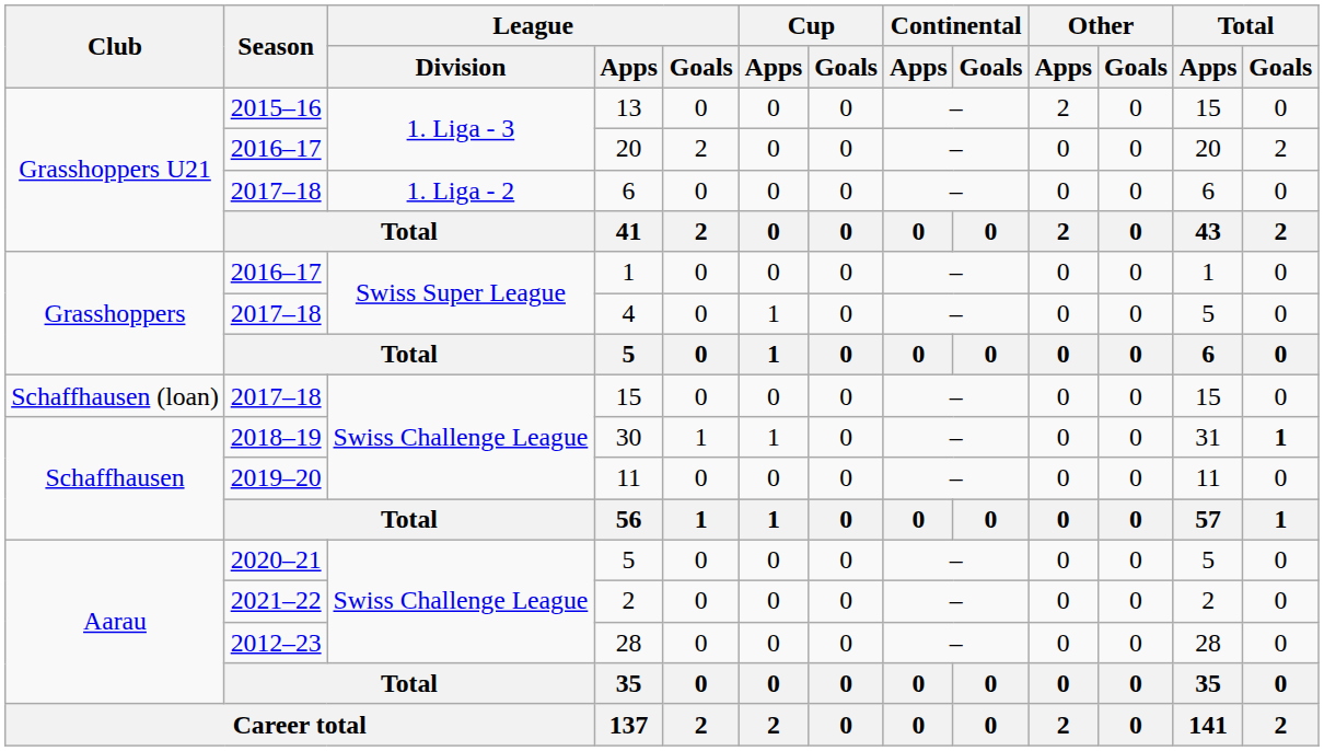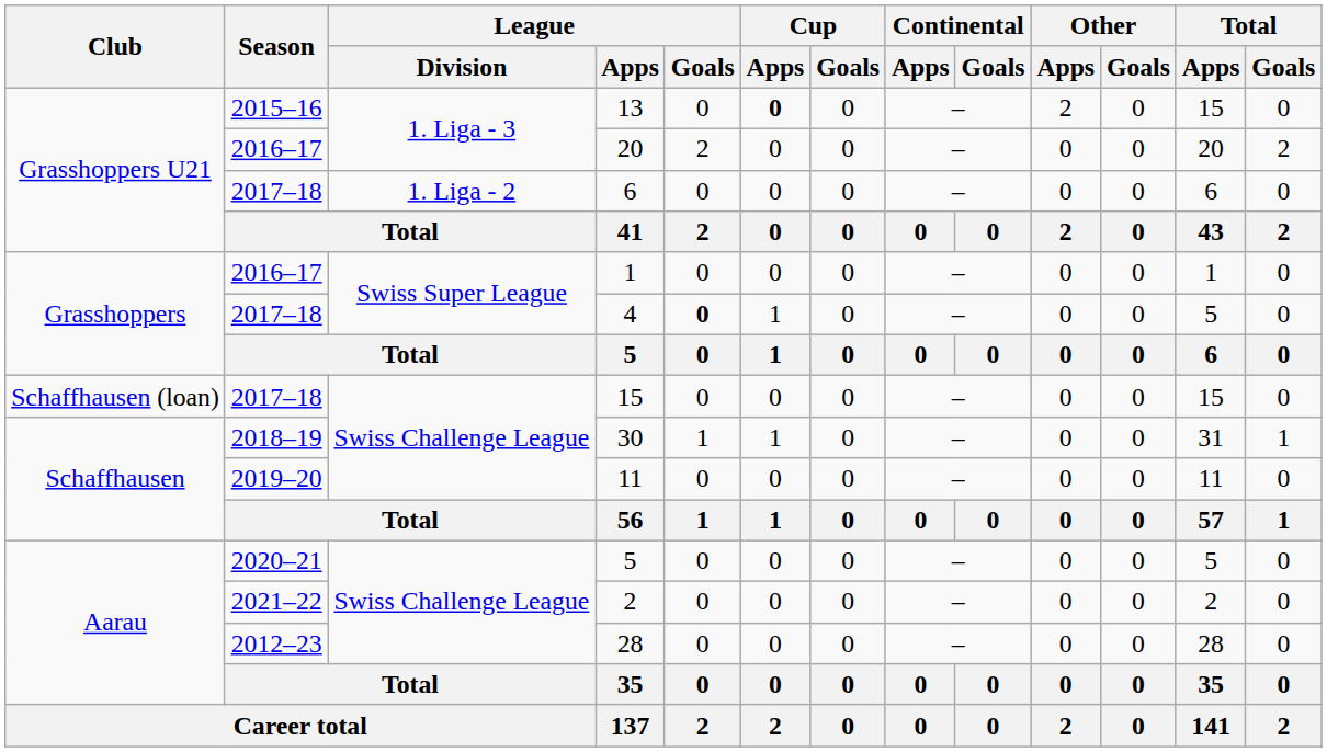 <table class="wikitable" style="text-align: center">
 <tr>
 <th rowspan="2">Club</th>
 <th rowspan="2">Season</th>
 <th colspan="3">League</th>
 <th colspan="2">Cup</th>
 <th colspan="2">Continental</th>
 <th colspan="2">Other</th>
 <th colspan="2">Total</th>
 </tr>
 <tr>
 <th>Division</th>
 <th>Apps</th>
 <th>Goals</th>
 <th>Apps</th>
 <th>Goals</th>
 <th>Apps</th>
 <th>Goals</th>
 <th>Apps</th>
 <th>Goals</th>
 <th>Apps</th>
 <th>Goals</th>
 </tr>
 <tr>
 <td rowspan="4"><a href='#'>Grasshoppers U21</a></td>
 <td><a href='#'>2015–16</a></td>
 <td rowspan="2"><a href='#'>1. Liga - 3</a></td>
 <td>13</td>
 <td>0</td>
-<td>0</td>
+<td><strong>0</strong></td>
 <td>0</td>
 <td colspan="2">–</td>
 <td>2</td>
 <td>0</td>
 <td>15</td>
 <td>0</td>
 </tr>
 <tr>
 <td><a href='#'>2016–17</a></td>
 <td>20</td>
 <td>2</td>
 <td>0</td>
 <td>0</td>
 <td colspan="2">–</td>
 <td>0</td>
 <td>0</td>
 <td>20</td>
 <td>2</td>
 </tr>
 <tr>
 <td><a href='#'>2017–18</a></td>
 <td><a href='#'>1. Liga - 2</a></td>
 <td>6</td>
 <td>0</td>
 <td>0</td>
 <td>0</td>
 <td colspan="2">–</td>
 <td>0</td>
 <td>0</td>
 <td>6</td>
 <td>0</td>
 </tr>
 <tr>
 <th colspan="2"><strong>Total</strong></th>
 <th>41</th>
 <th>2</th>
 <th>0</th>
 <th>0</th>
 <th>0</th>
 <th>0</th>
 <th>2</th>
 <th>0</th>
 <th>43</th>
 <th>2</th>
 </tr>
 <tr>
 <td rowspan="3"><a href='#'>Grasshoppers</a></td>
 <td><a href='#'>2016–17</a></td>
 <td rowspan="2"><a href='#'>Swiss Super League</a></td>
 <td>1</td>
 <td>0</td>
 <td>0</td>
 <td>0</td>
 <td colspan="2">–</td>
 <td>0</td>
 <td>0</td>
 <td>1</td>
 <td>0</td>
 </tr>
 <tr>
 <td><a href='#'>2017–18</a></td>
 <td>4</td>
-<td>0</td>
+<td><strong>0</strong></td>
 <td>1</td>
 <td>0</td>
 <td colspan="2">–</td>
 <td>0</td>
 <td>0</td>
 <td>5</td>
 <td>0</td>
 </tr>
 <tr>
 <th colspan="2"><strong>Total</strong></th>
 <th>5</th>
 <th>0</th>
 <th>1</th>
 <th>0</th>
 <th>0</th>
 <th>0</th>
 <th>0</th>
 <th>0</th>
 <th>6</th>
 <th>0</th>
 </tr>
 <tr>
 <td><a href='#'>Schaffhausen</a> (loan)</td>
 <td><a href='#'>2017–18</a></td>
 <td rowspan="3"><a href='#'>Swiss Challenge League</a></td>
 <td>15</td>
 <td>0</td>
 <td>0</td>
 <td>0</td>
 <td colspan="2">–</td>
 <td>0</td>
 <td>0</td>
 <td>15</td>
 <td>0</td>
 </tr>
 <tr>
 <td rowspan="3"><a href='#'>Schaffhausen</a></td>
 <td><a href='#'>2018–19</a></td>
 <td>30</td>
 <td>1</td>
 <td>1</td>
 <td>0</td>
 <td colspan="2">–</td>
 <td>0</td>
 <td>0</td>
 <td>31</td>
-<td><strong>1</strong></td>
+<td>1</td>
 </tr>
 <tr>
 <td><a href='#'>2019–20</a></td>
 <td>11</td>
 <td>0</td>
 <td>0</td>
 <td>0</td>
 <td colspan="2">–</td>
 <td>0</td>
 <td>0</td>
 <td>11</td>
 <td>0</td>
 </tr>
 <tr>
 <th colspan="2"><strong>Total</strong></th>
 <th>56</th>
 <th>1</th>
 <th>1</th>
 <th>0</th>
 <th>0</th>
 <th>0</th>
 <th>0</th>
 <th>0</th>
 <th>57</th>
 <th>1</th>
 </tr>
 <tr>
 <td rowspan="4"><a href='#'>Aarau</a></td>
 <td><a href='#'>2020–21</a></td>
 <td rowspan="3"><a href='#'>Swiss Challenge League</a></td>
 <td>5</td>
 <td>0</td>
 <td>0</td>
 <td>0</td>
 <td colspan="2">–</td>
 <td>0</td>
 <td>0</td>
 <td>5</td>
 <td>0</td>
 </tr>
 <tr>
 <td><a href='#'>2021–22</a></td>
 <td>2</td>
 <td>0</td>
 <td>0</td>
 <td>0</td>
 <td colspan="2">–</td>
 <td>0</td>
 <td>0</td>
 <td>2</td>
 <td>0</td>
 </tr>
 <tr>
 <td><a href='#'>2012–23</a></td>
 <td>28</td>
 <td>0</td>
 <td>0</td>
 <td>0</td>
 <td colspan="2">–</td>
 <td>0</td>
 <td>0</td>
 <td>28</td>
 <td>0</td>
 </tr>
 <tr>
 <th colspan="2"><strong>Total</strong></th>
 <th>35</th>
 <th>0</th>
 <th>0</th>
 <th>0</th>
 <th>0</th>
 <th>0</th>
 <th>0</th>
 <th>0</th>
 <th>35</th>
 <th>0</th>
 </tr>
 <tr>
 <th colspan="3"><strong>Career total</strong></th>
 <th>137</th>
 <th>2</th>
 <th>2</th>
 <th>0</th>
 <th>0</th>
 <th>0</th>
 <th>2</th>
 <th>0</th>
 <th>141</th>
 <th>2</th>
 </tr>
 </table>
